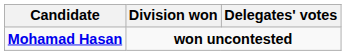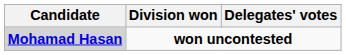 <table class=wikitable>
 <tr>
 <th>Candidate</th>
 <th>Division won</th>
 <th>Delegates' votes</th>
 </tr>
 <tr>
-<td><strong><a href='#'>Mohamad Hasan</a></strong></td>
+<td style="background: lightgrey;"><strong><a href='#'>Mohamad Hasan</a></strong></td>
 <td colspan=2 align=center><strong>won uncontested</strong></td>
 </tr>
 </table>
